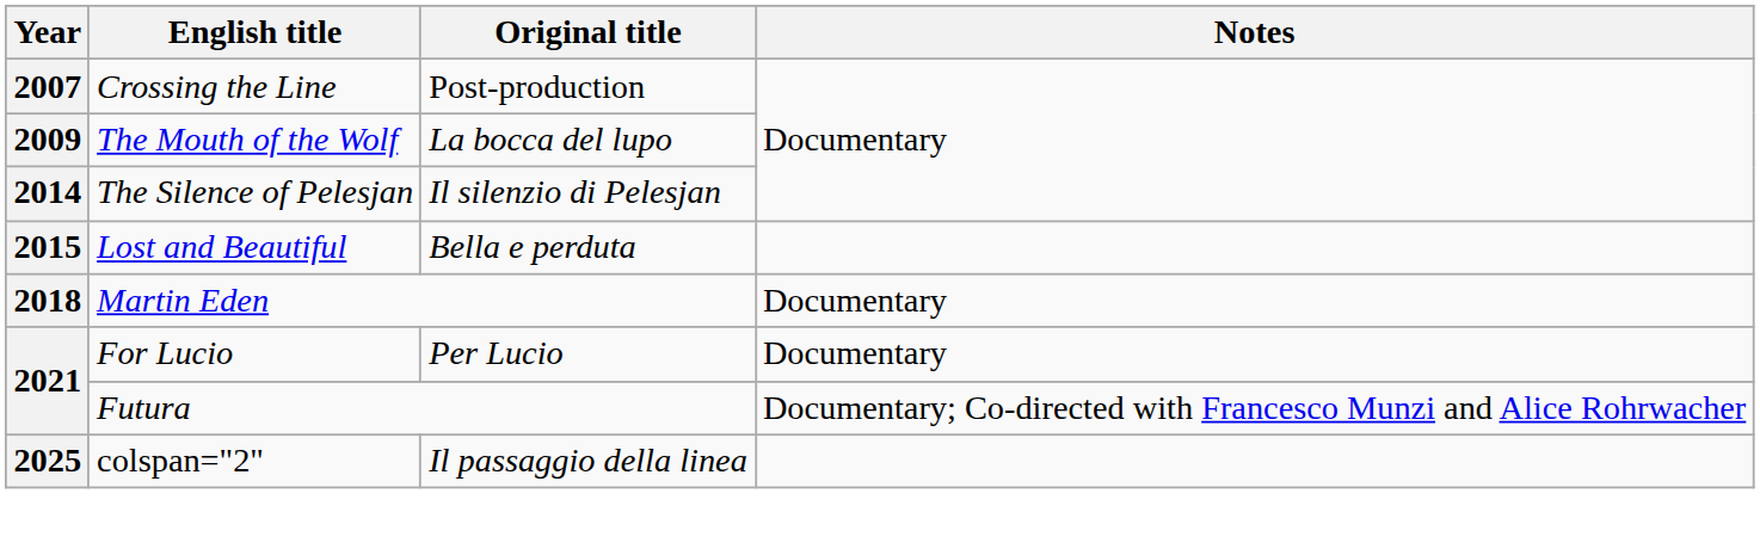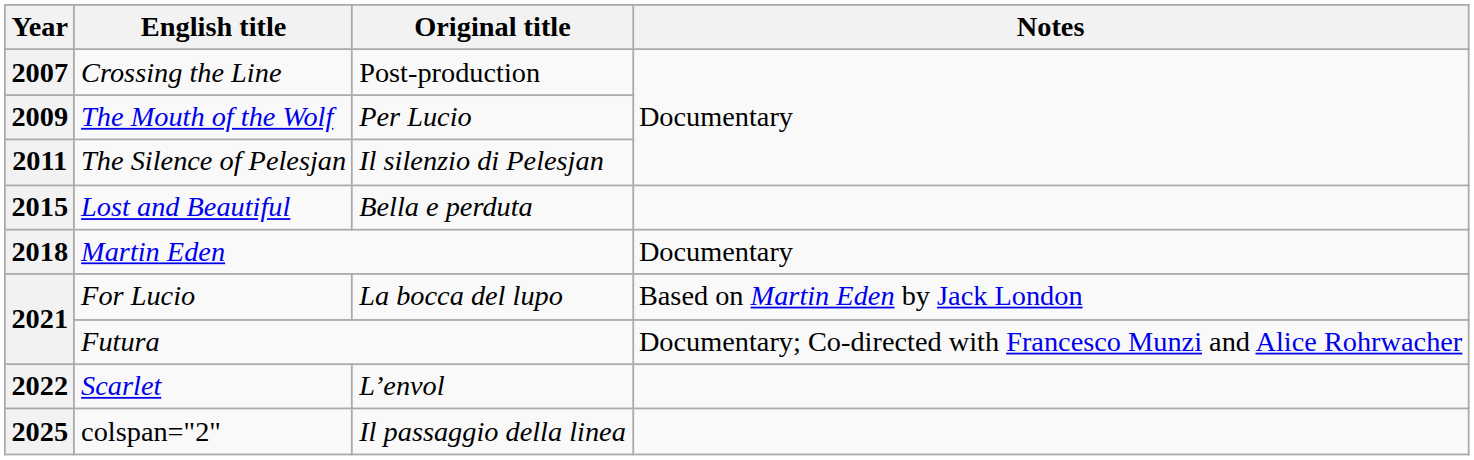 <table class="wikitable">
 <tr>
 <th>Year</th>
 <th>English title</th>
 <th>Original title</th>
 <th>Notes</th>
 </tr>
 <tr>
 <th>2007</th>
 <td><em>Crossing the Line</em></td>
 <td>Post-production</td>
 <td rowspan="3">Documentary</td>
 </tr>
 <tr>
 <th>2009</th>
 <td><em><a href='#'>The Mouth of the Wolf</a></em></td>
-<td><em>La bocca del lupo</em></td>
+<td><em>Per Lucio</em></td>
 </tr>
 <tr>
-<th>2014</th>
+<th>2011</th>
 <td><em>The Silence of Pelesjan</em></td>
 <td><em>Il silenzio di Pelesjan</em></td>
 </tr>
 <tr>
 <th>2015</th>
 <td><em><a href='#'>Lost and Beautiful</a></em></td>
 <td><em>Bella e perduta</em></td>
 <td></td>
 </tr>
 <tr>
 <th>2018</th>
 <td colspan="2"><em><a href='#'>Martin Eden</a></em></td>
 <td>Documentary</td>
 </tr>
 <tr>
 <th rowspan="2">2021</th>
 <td><em>For Lucio</em></td>
-<td><em>Per Lucio</em></td>
-<td>Documentary</td>
+<td><em>La bocca del lupo</em></td>
+<td>Based on <em><a href='#'>Martin Eden</a></em> by <a href='#'>Jack London</a></td>
 </tr>
 <tr>
 <td colspan="2"><em>Futura</em></td>
 <td>Documentary; Co-directed with <a href='#'>Francesco Munzi</a> and <a href='#'>Alice Rohrwacher</a></td>
+</tr>
+<tr>
+<th>2022</th>
+<td><em><a href='#'>Scarlet</a></em></td>
+<td><em>L’envol</em></td>
+<td></td>
 </tr>
 <tr>
 <th>2025</th>
 <td>colspan="2"  </td>
 <td><em>Il passaggio della linea</em></td>
 </tr>
 </table>
